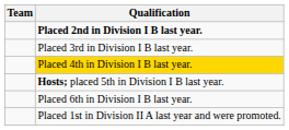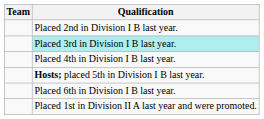 <table class="wikitable">
 <tr>
 <th>Team</th>
 <th>Qualification</th>
 </tr>
 <tr>
 <td></td>
-<td><strong>Placed 2nd in Division I B last year.</strong></td>
+<td>Placed 2nd in Division I B last year.</td>
 </tr>
 <tr>
 <td></td>
-<td>Placed 3rd in Division I B last year.</td>
+<td style="background: paleturquoise;">Placed 3rd in Division I B last year.</td>
 </tr>
 <tr>
 <td></td>
-<td style="background: gold;">Placed 4th in Division I B last year.</td>
+<td>Placed 4th in Division I B last year.</td>
 </tr>
 <tr>
 <td></td>
 <td><strong>Hosts;</strong> placed 5th in Division I B last year.</td>
 </tr>
 <tr>
 <td></td>
 <td>Placed 6th in Division I B last year.</td>
 </tr>
 <tr>
 <td></td>
 <td>Placed 1st in Division II A last year and were promoted.</td>
 </tr>
 </table>
